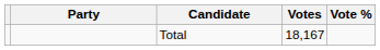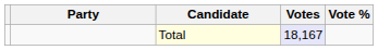 <table class="wikitable">
 <tr>
 <th></th>
 <th scope="col" width="175">Party</th>
 <th scope="col" width="150">Candidate</th>
 <th>Votes</th>
 <th>Vote %<br>      </th>
 </tr>
 <tr |>
 <td></td>
 <td></td>
-<td>Total</td>
-<td align=right>18,167</td>
+<td style="background: lightyellow;">Total</td>
+<td align=right style="background: lavender;">18,167</td>
 <td></td>
 </tr>
 </table>
